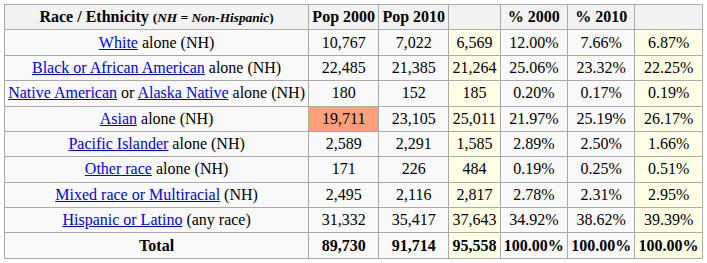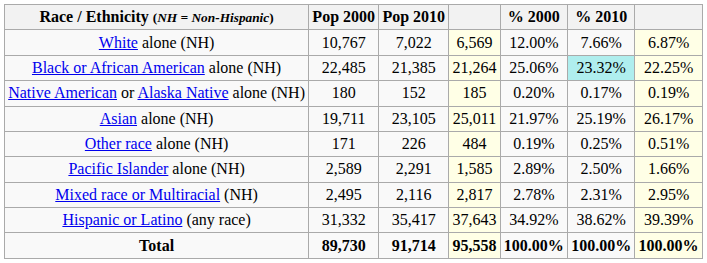 <table class="wikitable" style="text-align:center;">
 <tr>
 <th>Race / Ethnicity <small>(<em>NH = Non-Hispanic</em>)</small></th>
 <th>Pop 2000</th>
 <th>Pop 2010</th>
 <th></th>
 <th>% 2000</th>
 <th>% 2010</th>
 <th></th>
 </tr>
 <tr>
 <td><a href='#'>White</a> alone (NH)</td>
 <td>10,767</td>
 <td>7,022</td>
 <td style='background: #ffffe6;'>6,569</td>
 <td>12.00%</td>
 <td>7.66%</td>
 <td style='background: #ffffe6;'>6.87%</td>
 </tr>
 <tr>
 <td><a href='#'>Black or African American</a> alone (NH)</td>
 <td>22,485</td>
 <td>21,385</td>
 <td style='background: #ffffe6;'>21,264</td>
 <td>25.06%</td>
-<td>23.32%</td>
+<td style="background: paleturquoise;">23.32%</td>
 <td style='background: #ffffe6;'>22.25%</td>
 </tr>
 <tr>
 <td><a href='#'>Native American</a> or <a href='#'>Alaska Native</a> alone (NH)</td>
 <td>180</td>
 <td>152</td>
 <td style='background: #ffffe6;'>185</td>
 <td>0.20%</td>
 <td>0.17%</td>
 <td style='background: #ffffe6;'>0.19%</td>
 </tr>
 <tr>
 <td><a href='#'>Asian</a> alone (NH)</td>
-<td style="background: lightsalmon;">19,711</td>
+<td>19,711</td>
 <td>23,105</td>
 <td style='background: #ffffe6;'>25,011</td>
 <td>21.97%</td>
 <td>25.19%</td>
 <td style='background: #ffffe6;'>26.17%</td>
+</tr>
+<tr>
+<td><a href='#'>Other race</a> alone (NH)</td>
+<td>171</td>
+<td>226</td>
+<td style='background: #ffffe6;'>484</td>
+<td>0.19%</td>
+<td>0.25%</td>
+<td style='background: #ffffe6;'>0.51%</td>
 </tr>
 <tr>
 <td><a href='#'>Pacific Islander</a> alone (NH)</td>
 <td>2,589</td>
 <td>2,291</td>
 <td style='background: #ffffe6;'>1,585</td>
 <td>2.89%</td>
 <td>2.50%</td>
 <td style='background: #ffffe6;'>1.66%</td>
-</tr>
-<tr>
-<td><a href='#'>Other race</a> alone (NH)</td>
-<td>171</td>
-<td>226</td>
-<td style='background: #ffffe6;'>484</td>
-<td>0.19%</td>
-<td>0.25%</td>
-<td style='background: #ffffe6;'>0.51%</td>
 </tr>
 <tr>
 <td><a href='#'>Mixed race or Multiracial</a> (NH)</td>
 <td>2,495</td>
 <td>2,116</td>
 <td style='background: #ffffe6;'>2,817</td>
 <td>2.78%</td>
 <td>2.31%</td>
 <td style='background: #ffffe6;'>2.95%</td>
 </tr>
 <tr>
 <td><a href='#'>Hispanic or Latino</a> (any race)</td>
 <td>31,332</td>
 <td>35,417</td>
 <td style='background: #ffffe6;'>37,643</td>
 <td>34.92%</td>
 <td>38.62%</td>
 <td style='background: #ffffe6;'>39.39%</td>
 </tr>
 <tr>
 <td><strong>Total</strong></td>
 <td><strong>89,730</strong></td>
 <td><strong>91,714</strong></td>
 <td style='background: #ffffe6;'><strong>95,558</strong></td>
 <td><strong>100.00%</strong></td>
 <td><strong>100.00%</strong></td>
 <td style='background: #ffffe6;'><strong>100.00%</strong></td>
 </tr>
 </table>
